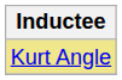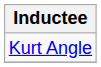 <table class="wikitable">
 <tr>
 <th>Inductee</th>
 </tr>
 <tr>
-<td style="background: khaki;"><a href='#'>Kurt Angle</a></td>
+<td><a href='#'>Kurt Angle</a></td>
 </tr>
 <tr>
 </tr>
 </table>
